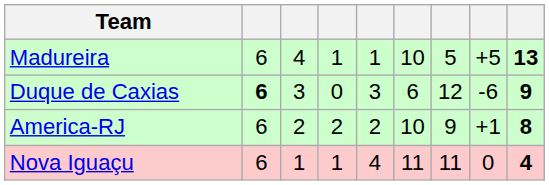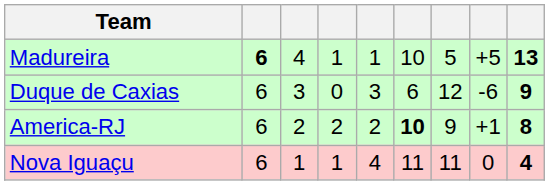 <table class="wikitable" style="text-align: center;">
 <tr>
 <th width=165>Team</th>
 <th width=20></th>
 <th width=20></th>
 <th width=20></th>
 <th width=20></th>
 <th width=20></th>
 <th width=20></th>
 <th width=20></th>
 <th width=20></th>
 </tr>
 <tr bgcolor=#ccffcc>
 <td align=left><a href='#'>Madureira</a></td>
-<td>6</td>
+<td><strong>6</strong></td>
 <td>4</td>
 <td>1</td>
 <td>1</td>
 <td>10</td>
 <td>5</td>
 <td>+5</td>
 <td><strong>13 </strong></td>
 </tr>
 <tr bgcolor=#ccffcc>
 <td align=left><a href='#'>Duque de Caxias</a></td>
-<td><strong>6</strong></td>
+<td>6</td>
 <td>3</td>
 <td>0</td>
 <td>3</td>
 <td>6</td>
 <td>12</td>
 <td>-6</td>
 <td><strong>9 </strong></td>
 </tr>
 <tr bgcolor=#ccffcc>
 <td align=left><a href='#'>America-RJ</a></td>
 <td>6</td>
 <td>2</td>
 <td>2</td>
 <td>2</td>
-<td>10</td>
+<td><strong>10</strong></td>
 <td>9</td>
 <td>+1</td>
 <td><strong>8 </strong></td>
 </tr>
 <tr bgcolor=#FDCBCC>
 <td align=left><a href='#'>Nova Iguaçu</a></td>
 <td>6</td>
 <td>1</td>
 <td>1</td>
 <td>4</td>
 <td>11</td>
 <td>11</td>
 <td>0</td>
 <td><strong>4 </strong></td>
 </tr>
 </table>
